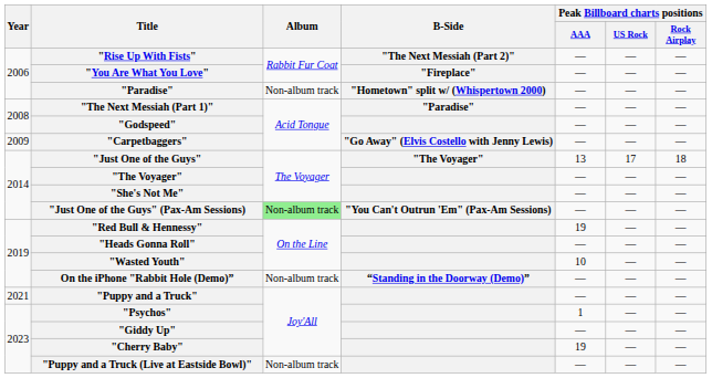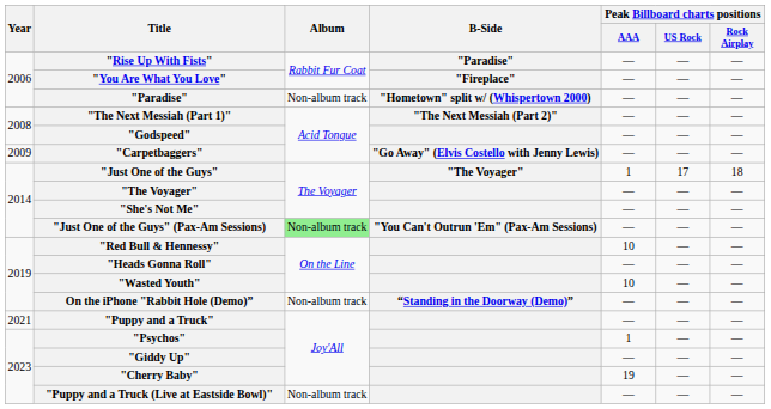 <table class="wikitable plainrowheaders" style="text-align:center;">
 <tr>
 <th scope="col" rowspan="2" style="width:1em;">Year</th>
 <th scope="col" rowspan="2" style="width:21em;">Title</th>
 <th scope="col" rowspan="2">Album</th>
 <th scope="col" rowspan="2">B-Side</th>
 <th scope="col" colspan="3">Peak <a href='#'>Billboard charts</a> positions</th>
 </tr>
 <tr>
 <th scope="col" style="width:5em;font-size:85%;"><a href='#'>AAA</a><br></th>
 <th scope="col" style="width:5em;font-size:85%;"><a href='#'>US Rock</a><br></th>
 <th scope="col" style="width:5em;font-size:85%;"><a href='#'>Rock Airplay</a><br></th>
 </tr>
 <tr>
 <td rowspan="3">2006</td>
 <th scope="row">"<a href='#'>Rise Up With Fists</a>"</th>
 <td rowspan="2"><em><a href='#'>Rabbit Fur Coat</a></em></td>
-<th scope="row">"The Next Messiah (Part 2)"</th>
+<th scope="row">"Paradise"</th>
 <td>—</td>
 <td>—</td>
 <td>—</td>
 </tr>
 <tr>
 <th scope="row">"<a href='#'>You Are What You Love</a>"</th>
 <th scope="row">"Fireplace"</th>
 <td>—</td>
 <td>—</td>
 <td>—</td>
 </tr>
 <tr>
 <th scope="row">"Paradise"</th>
 <td>Non-album track</td>
 <th scope="row">"Hometown" split w/ (<a href='#'>Whispertown 2000</a>)</th>
 <td>—</td>
 <td>—</td>
 <td>—</td>
 </tr>
 <tr>
 <td rowspan="2">2008</td>
 <th scope="row">"The Next Messiah (Part 1)"</th>
 <td rowspan="3"><em><a href='#'>Acid Tongue</a></em></td>
-<th scope="row">"Paradise"</th>
+<th scope="row">"The Next Messiah (Part 2)"</th>
 <td>—</td>
 <td>—</td>
 <td>—</td>
 </tr>
 <tr>
 <th scope="row">"Godspeed"</th>
 <th scope="row"></th>
 <td>—</td>
 <td>—</td>
 <td>—</td>
 </tr>
 <tr>
 <td>2009</td>
 <th scope="row">"Carpetbaggers"</th>
 <th scope="row">"Go Away" (<a href='#'>Elvis Costello</a> with Jenny Lewis)</th>
 <td>—</td>
 <td>—</td>
 <td>—</td>
 </tr>
 <tr>
 <td rowspan="4">2014</td>
 <th scope="row">"Just One of the Guys"</th>
 <td rowspan="3"><em><a href='#'>The Voyager</a></em></td>
 <th scope="row">"The Voyager"</th>
-<td>13</td>
+<td>1</td>
 <td>17</td>
 <td>18</td>
 </tr>
 <tr>
 <th scope="row">"The Voyager"</th>
 <th scope="row"></th>
 <td>—</td>
 <td>—</td>
 <td>—</td>
 </tr>
 <tr>
 <th scope="row">"She's Not Me"</th>
 <th scope="row"></th>
 <td>—</td>
 <td>—</td>
 <td>—</td>
 </tr>
 <tr>
 <th scope="row">"Just One of the Guys" (Pax-Am Sessions)</th>
 <td style="background: lightgreen;">Non-album track</td>
 <th scope="row">"You Can't Outrun 'Em" (Pax-Am Sessions)</th>
 <td>—</td>
 <td>—</td>
 <td>—</td>
 </tr>
 <tr>
 <td rowspan="4”">2019</td>
 <th scope="row">"Red Bull & Hennessy"</th>
 <td rowspan="3"><em><a href='#'>On the Line</a></em></td>
 <th scope="row"></th>
-<td>19</td>
+<td>10</td>
 <td>—</td>
 <td>—</td>
 </tr>
 <tr>
 <th scope="row">"Heads Gonna Roll"</th>
 <th scope="row"></th>
 <td>—</td>
 <td>—</td>
 <td>—</td>
 </tr>
 <tr>
 <th scope="row">"Wasted Youth"</th>
 <th scope="row"></th>
 <td>10</td>
 <td>—</td>
 <td>—</td>
 </tr>
 <tr>
 <th scope="row">On the iPhone "Rabbit Hole (Demo)”</th>
 <td>Non-album track</td>
 <th scope="row">“<a href='#'>Standing in the Doorway (Demo)</a>”</th>
 <td>—</td>
 <td>—</td>
 <td>—</td>
 </tr>
 <tr>
 <td>2021</td>
 <th scope="row">"Puppy and a Truck"</th>
 <td rowspan="4"><em><a href='#'>Joy'All</a></em></td>
 <th scope="row"></th>
 <td>—</td>
 <td>—</td>
 <td>—</td>
 </tr>
 <tr>
 <td rowspan="4">2023</td>
 <th scope="row">"Psychos"</th>
 <th scope="row"></th>
 <td>1</td>
 <td>—</td>
 <td>—</td>
 </tr>
 <tr>
 <th scope="row">"Giddy Up"</th>
 <th scope="row"></th>
 <td>—</td>
 <td>—</td>
 <td>—</td>
 </tr>
 <tr>
 <th scope="row">"Cherry Baby"</th>
 <th scope="row"></th>
 <td>19</td>
 <td>—</td>
 <td>—</td>
 </tr>
 <tr>
 <th scope="row">"Puppy and a Truck (Live at Eastside Bowl)"</th>
 <td>Non-album track</td>
 <th scope="row"></th>
 <td>—</td>
 <td>—</td>
 <td>—</td>
 </tr>
 </table>
